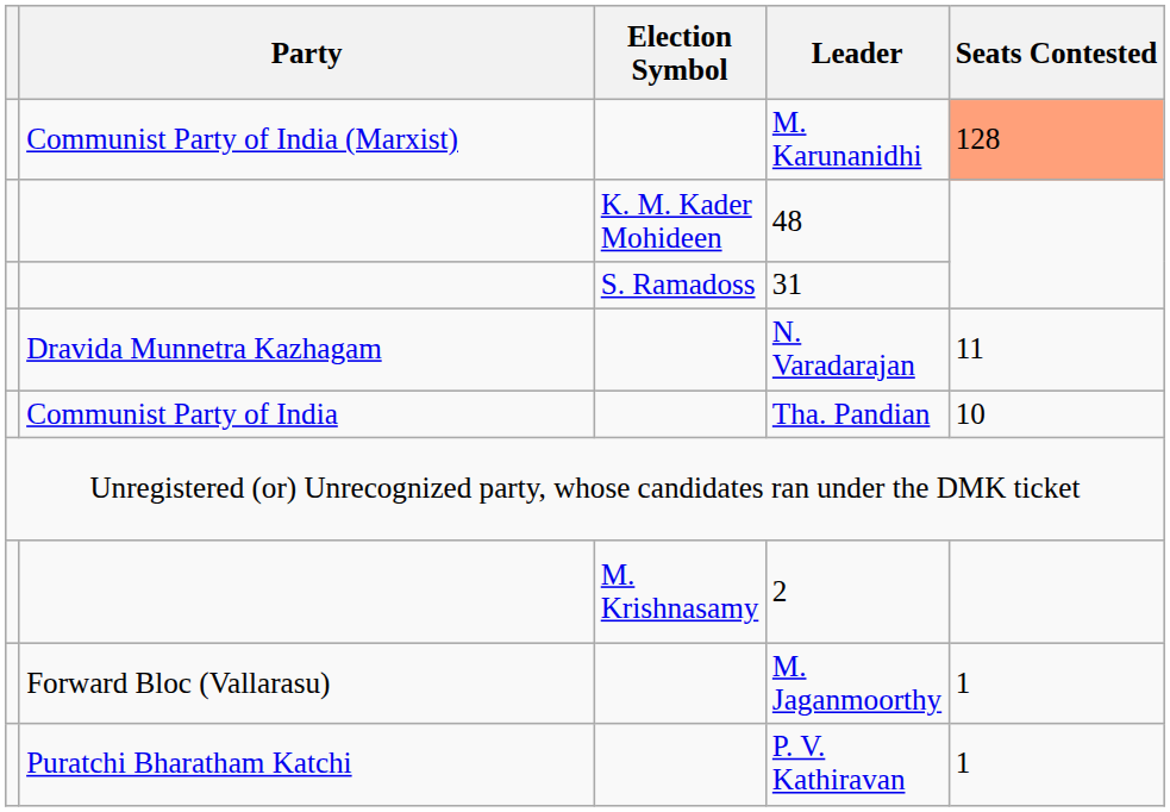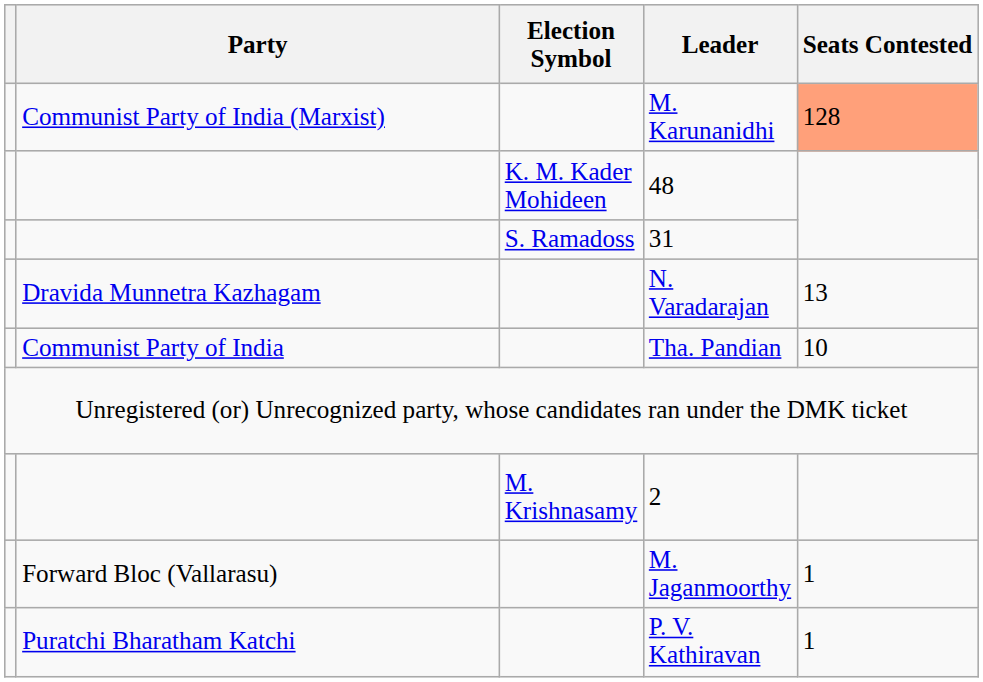 <table class="wikitable">
 <tr style="height: 50px;">
 <th></th>
 <th scope="col" style="width:300px;">Party</th>
 <th scope="col" style="width:60px;">Election Symbol</th>
 <th scope="col" style="width:80px;">Leader</th>
 <th colspan="4">Seats Contested</th>
 </tr>
 <tr style="height:">
 <td></td>
 <td><a href='#'>Communist Party of India  (Marxist)</a></td>
 <td></td>
 <td><a href='#'>M. Karunanidhi</a></td>
 <td style="background: lightsalmon;">128</td>
 </tr>
 <tr>
 <td></td>
 <td></td>
 <td><a href='#'>K. M. Kader Mohideen</a></td>
 <td>48</td>
 </tr>
 <tr>
 <td></td>
 <td></td>
 <td><a href='#'>S. Ramadoss</a></td>
 <td>31</td>
 </tr>
 <tr>
 <td></td>
 <td><a href='#'>Dravida Munnetra Kazhagam</a></td>
 <td></td>
 <td><a href='#'>N. Varadarajan</a></td>
-<td>11</td>
+<td>13</td>
 </tr>
 <tr>
 <td></td>
 <td><a href='#'>Communist Party of India</a></td>
 <td></td>
 <td><a href='#'>Tha. Pandian</a></td>
 <td>10</td>
 </tr>
 <tr style="height: 55px;">
 <td colspan="5" style="text-align:center;">Unregistered (or) Unrecognized party, whose candidates ran under the DMK ticket</td>
 </tr>
 <tr style="height: 55px;">
 <td></td>
 <td></td>
 <td><a href='#'>M. Krishnasamy</a></td>
 <td>2</td>
 </tr>
 <tr>
 <td></td>
 <td>Forward Bloc (Vallarasu)</td>
 <td></td>
 <td><a href='#'>M. Jaganmoorthy</a></td>
 <td>1</td>
 </tr>
 <tr>
 <td></td>
 <td><a href='#'>Puratchi Bharatham Katchi</a></td>
 <td></td>
 <td><a href='#'>P. V. Kathiravan</a></td>
 <td>1</td>
 </tr>
 </table>
